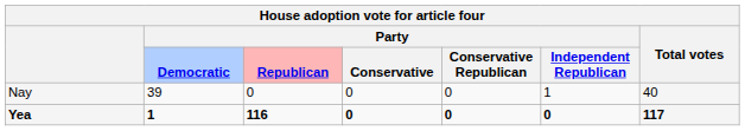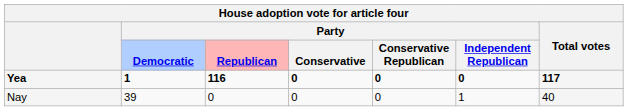 <table class="wikitable">
 <tr>
 <th colspan=7>House adoption vote for article four</th>
 </tr>
 <tr>
 <th rowspan=2></th>
 <th colspan=5>Party</th>
 <th rowspan=2>Total votes</th>
 </tr>
 <tr style="vertical-align:bottom;">
 <th style="background:#b0ceff;"><a href='#'>Democratic</a></th>
 <th style="background:#ffb6b6;"><a href='#'>Republican</a></th>
 <th>Conservative</th>
 <th>Conservative Republican</th>
 <th><a href='#'>Independent Republican</a></th>
 </tr>
 <tr>
+<td style="width: 10em; background:#F5F5F5"><strong>Yea</strong></td>
+<td style="width: 7em;"><strong>1</strong></td>
+<td style="width: 7em;"><strong>116</strong></td>
+<td style="width: 7em;"><strong>0</strong></td>
+<td style="width: 7em;"><strong>0</strong></td>
+<td style="width: 7em;"><strong>0</strong></td>
+<td style="width: 7em; background:#F5F5F5"><strong>117</strong></td>
+</tr>
+<tr>
 <td style="background:#F5F5F5">Nay</td>
 <td>39</td>
 <td>0</td>
 <td>0</td>
 <td>0</td>
 <td>1</td>
 <td style="background:#F5F5F5">40</td>
 </tr>
-<tr>
-<td style="width: 10em; background:#F5F5F5"><strong>Yea</strong></td>
-<td style="width: 7em;"><strong>1</strong></td>
-<td style="width: 7em;"><strong>116</strong></td>
-<td style="width: 7em;"><strong>0</strong></td>
-<td style="width: 7em;"><strong>0</strong></td>
-<td style="width: 7em;"><strong>0</strong></td>
-<td style="width: 7em; background:#F5F5F5"><strong>117</strong></td>
-</tr>
 </table>
